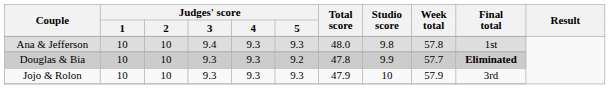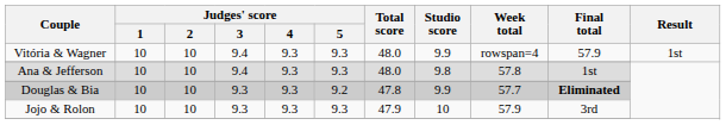 <table class="wikitable" style="font-size:100%; line-height:16px; text-align:center" width="100%">
 <tr>
 <th rowspan=2 width="11.0%">Couple</th>
 <th colspan=5 width="25.0%">Judges' score</th>
 <th rowspan=2 width="05.0%">Total<br>score</th>
 <th rowspan=2 width="05.0%">Studio<br>score</th>
 <th rowspan=2 width="05.0%">Week<br>total</th>
 <th rowspan=2 width="05.0%">Final<br>total</th>
 <th rowspan=2 width="09.0%">Result</th>
 </tr>
 <tr>
 <th width="05.0%">1</th>
 <th width="05.0%">2</th>
 <th width="05.0%">3</th>
 <th width="05.0%">4</th>
 <th width="05.0%">5</th>
+</tr>
+<tr>
+<td>Vitória & Wagner</td>
+<td>10</td>
+<td>10</td>
+<td>9.4</td>
+<td>9.3</td>
+<td>9.3</td>
+<td>48.0</td>
+<td>9.9</td>
+<td>rowspan=4 </td>
+<td>57.9</td>
+<td>1st</td>
 </tr>
 <tr>
 </tr>
 <tr bgcolor=DDDDDD>
 <td>Ana & Jefferson</td>
 <td>10</td>
 <td>10</td>
 <td>9.4</td>
 <td>9.3</td>
 <td>9.3</td>
 <td>48.0</td>
 <td>9.8</td>
 <td>57.8</td>
 <td>1st</td>
 </tr>
 <tr>
 </tr>
 <tr bgcolor="CCCCCC">
 <td>Douglas & Bia</td>
 <td>10</td>
 <td>10</td>
 <td>9.3</td>
 <td>9.3</td>
 <td>9.2</td>
 <td>47.8</td>
 <td>9.9</td>
 <td>57.7</td>
 <td><strong>Eliminated</strong></td>
 </tr>
 <tr>
 <td>Jojo & Rolon</td>
 <td>10</td>
 <td>10</td>
 <td>9.3</td>
 <td>9.3</td>
 <td>9.3</td>
 <td>47.9</td>
 <td>10</td>
 <td>57.9</td>
 <td>3rd</td>
 </tr>
 <tr>
 </tr>
 </table>
